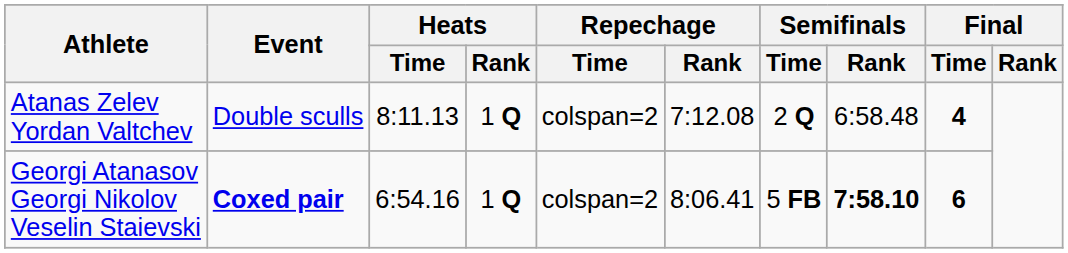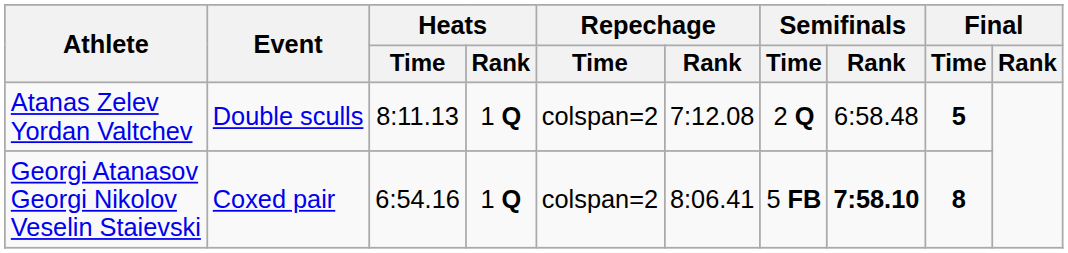 <table class="wikitable" style="font-size:90%; text-align:center;">
 <tr>
 <th rowspan="2">Athlete</th>
 <th rowspan="2">Event</th>
 <th colspan="2">Heats</th>
 <th colspan="2">Repechage</th>
 <th colspan="2">Semifinals</th>
 <th colspan="2">Final</th>
 </tr>
 <tr style="font-size:95%">
 <th>Time</th>
 <th>Rank</th>
 <th>Time</th>
 <th>Rank</th>
 <th>Time</th>
 <th>Rank</th>
 <th>Time</th>
 <th>Rank</th>
 </tr>
 <tr>
 <td align=left><a href='#'>Atanas Zelev</a><br><a href='#'>Yordan Valtchev</a></td>
 <td align=left><a href='#'>Double sculls</a></td>
 <td>8:11.13</td>
 <td>1 <strong>Q</strong></td>
 <td>colspan=2 </td>
 <td>7:12.08</td>
 <td>2 <strong>Q</strong></td>
 <td>6:58.48</td>
-<td><strong>4</strong></td>
+<td><strong>5</strong></td>
 </tr>
 <tr>
 <td align=left><a href='#'>Georgi Atanasov</a><br><a href='#'>Georgi Nikolov</a><br><a href='#'>Veselin Staievski</a></td>
-<td align=left><strong><a href='#'>Coxed pair</a></strong></td>
+<td align=left><a href='#'>Coxed pair</a></td>
 <td>6:54.16</td>
 <td>1 <strong>Q</strong></td>
 <td>colspan=2 </td>
 <td>8:06.41</td>
 <td>5 <strong>FB</strong></td>
 <td><strong>7:58.10</strong></td>
-<td><strong>6</strong></td>
+<td><strong>8</strong></td>
 </tr>
 </table>
